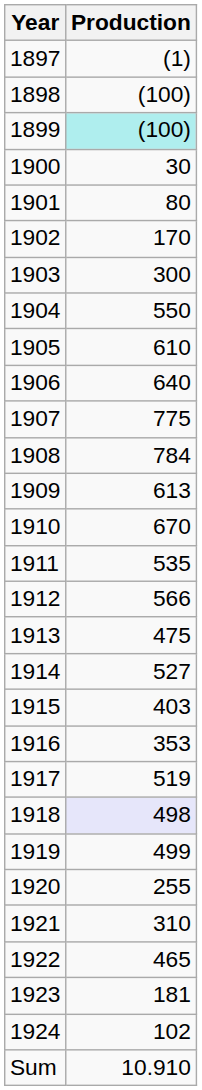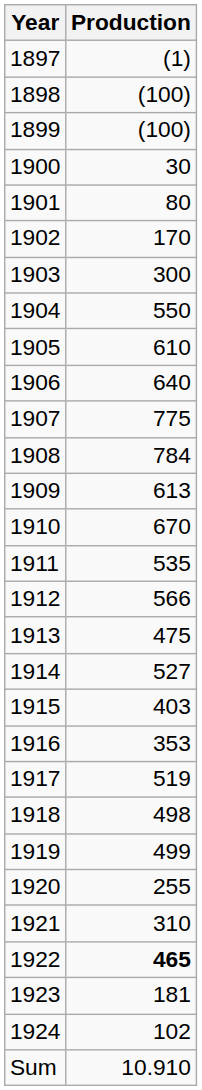 <table class="wikitable sortable">
 <tr>
 <th>Year</th>
 <th>Production</th>
 </tr>
 <tr>
 <td>1897</td>
 <td align="right">(1)</td>
 </tr>
 <tr>
 <td>1898</td>
 <td align="right">(100)</td>
 </tr>
 <tr>
 <td>1899</td>
-<td align="right" style="background: paleturquoise;">(100)</td>
+<td align="right">(100)</td>
 </tr>
 <tr>
 <td>1900</td>
 <td align="right">30</td>
 </tr>
 <tr>
 <td>1901</td>
 <td align="right">80</td>
 </tr>
 <tr>
 <td>1902</td>
 <td align="right">170</td>
 </tr>
 <tr>
 <td>1903</td>
 <td align="right">300</td>
 </tr>
 <tr>
 <td>1904</td>
 <td align="right">550</td>
 </tr>
 <tr>
 <td>1905</td>
 <td align="right">610</td>
 </tr>
 <tr>
 <td>1906</td>
 <td align="right">640</td>
 </tr>
 <tr>
 <td>1907</td>
 <td align="right">775</td>
 </tr>
 <tr>
 <td>1908</td>
 <td align="right">784</td>
 </tr>
 <tr>
 <td>1909</td>
 <td align="right">613</td>
 </tr>
 <tr>
 <td>1910</td>
 <td align="right">670</td>
 </tr>
 <tr>
 <td>1911</td>
 <td align="right">535</td>
 </tr>
 <tr>
 <td>1912</td>
 <td align="right">566</td>
 </tr>
 <tr>
 <td>1913</td>
 <td align="right">475</td>
 </tr>
 <tr>
 <td>1914</td>
 <td align="right">527</td>
 </tr>
 <tr>
 <td>1915</td>
 <td align="right">403</td>
 </tr>
 <tr>
 <td>1916</td>
 <td align="right">353</td>
 </tr>
 <tr>
 <td>1917</td>
 <td align="right">519</td>
 </tr>
 <tr>
 <td>1918</td>
-<td align="right" style="background: lavender;">498</td>
+<td align="right">498</td>
 </tr>
 <tr>
 <td>1919</td>
 <td align="right">499</td>
 </tr>
 <tr>
 <td>1920</td>
 <td align="right">255</td>
 </tr>
 <tr>
 <td>1921</td>
 <td align="right">310</td>
 </tr>
 <tr>
 <td>1922</td>
-<td align="right">465</td>
+<td align="right"><strong>465</strong></td>
 </tr>
 <tr>
 <td>1923</td>
 <td align="right">181</td>
 </tr>
 <tr>
 <td>1924</td>
 <td align="right">102</td>
 </tr>
 <tr>
 <td>Sum</td>
 <td align="right">10.910</td>
 </tr>
 </table>
